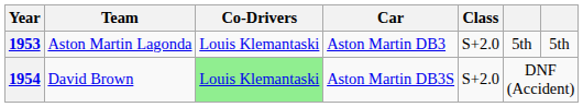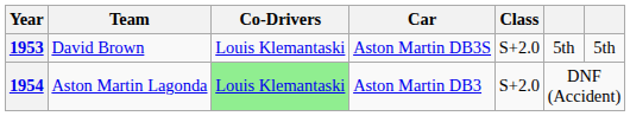 <table class="wikitable" style="text-align:center; font-size:90%">
 <tr>
 <th>Year</th>
 <th>Team</th>
 <th>Co-Drivers</th>
 <th>Car</th>
 <th>Class</th>
 <th></th>
 <th></th>
 </tr>
 <tr>
 <th><a href='#'>1953</a></th>
-<td align="left" nowrap> <a href='#'>Aston Martin Lagonda</a></td>
+<td align="left" nowrap> <a href='#'>David Brown</a></td>
 <td align="left" nowrap> <a href='#'>Louis Klemantaski</a></td>
-<td align="left" nowrap><a href='#'>Aston Martin DB3</a></td>
+<td align="left" nowrap><a href='#'>Aston Martin DB3S</a></td>
 <td>S+2.0</td>
 <td>5th</td>
 <td>5th</td>
 </tr>
 <tr>
 <th><a href='#'>1954</a></th>
-<td align="left" nowrap> <a href='#'>David Brown</a></td>
+<td align="left" nowrap> <a href='#'>Aston Martin Lagonda</a></td>
 <td align="left" nowrap style="background: lightgreen;"> <a href='#'>Louis Klemantaski</a></td>
-<td align="left" nowrap><a href='#'>Aston Martin DB3S</a></td>
+<td align="left" nowrap><a href='#'>Aston Martin DB3</a></td>
 <td>S+2.0</td>
 <td colspan=2>DNF<br>(Accident)</td>
 </tr>
 </table>
